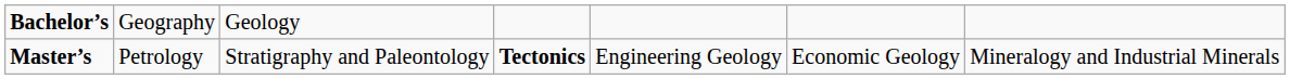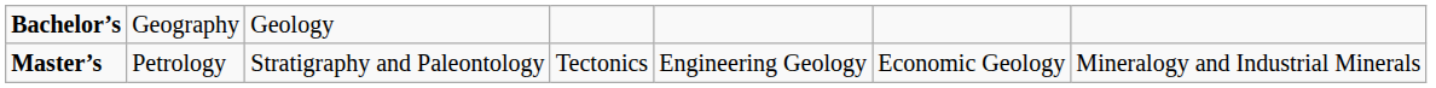 <table class="wikitable">
 <tr>
 <td><strong>Bachelor’s</strong></td>
 <td>Geography</td>
 <td>Geology</td>
 <td></td>
 <td></td>
 <td></td>
 <td></td>
 </tr>
 <tr>
 <td><strong>Master’s</strong></td>
 <td>Petrology</td>
 <td>Stratigraphy  and Paleontology</td>
-<td><strong>Tectonics</strong></td>
+<td>Tectonics</td>
 <td>Engineering  Geology</td>
 <td>Economic  Geology</td>
 <td>Mineralogy  and Industrial Minerals</td>
 </tr>
 </table>
